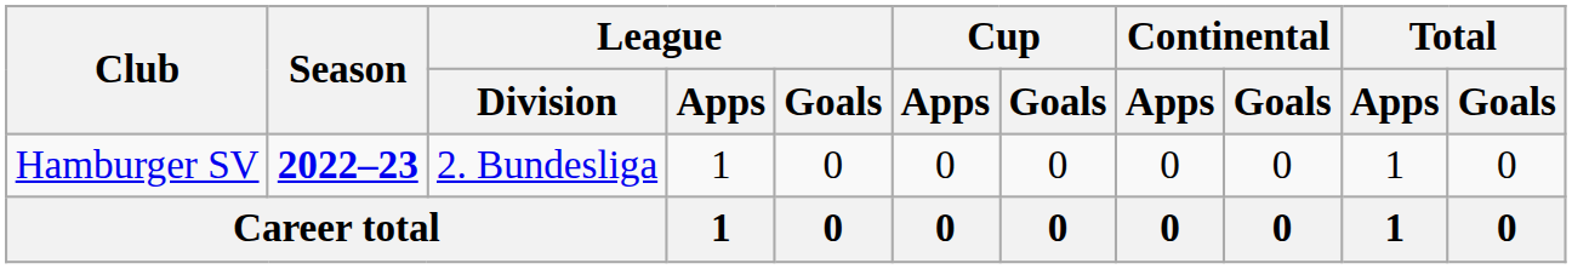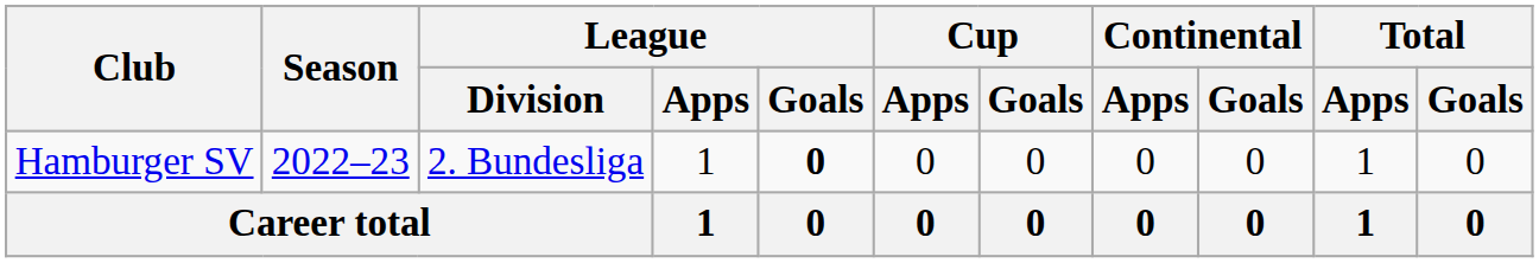 <table class="wikitable" Style="text-align: center">
 <tr>
 <th rowspan="2">Club</th>
 <th rowspan="2">Season</th>
 <th colspan="3">League</th>
 <th colspan="2">Cup</th>
 <th colspan="2">Continental</th>
 <th colspan="2">Total</th>
 </tr>
 <tr>
 <th>Division</th>
 <th>Apps</th>
 <th>Goals</th>
 <th>Apps</th>
 <th>Goals</th>
 <th>Apps</th>
 <th>Goals</th>
 <th>Apps</th>
 <th>Goals</th>
 </tr>
 <tr>
 <td><a href='#'>Hamburger SV</a></td>
-<td><strong><a href='#'>2022–23</a></strong></td>
+<td><a href='#'>2022–23</a></td>
 <td><a href='#'>2. Bundesliga</a></td>
 <td>1</td>
-<td>0</td>
+<td><strong>0</strong></td>
 <td>0</td>
 <td>0</td>
 <td>0</td>
 <td>0</td>
 <td>1</td>
 <td>0</td>
 </tr>
 <tr>
 <th colspan="3">Career total</th>
 <th>1</th>
 <th>0</th>
 <th>0</th>
 <th>0</th>
 <th>0</th>
 <th>0</th>
 <th>1</th>
 <th>0</th>
 </tr>
 </table>
